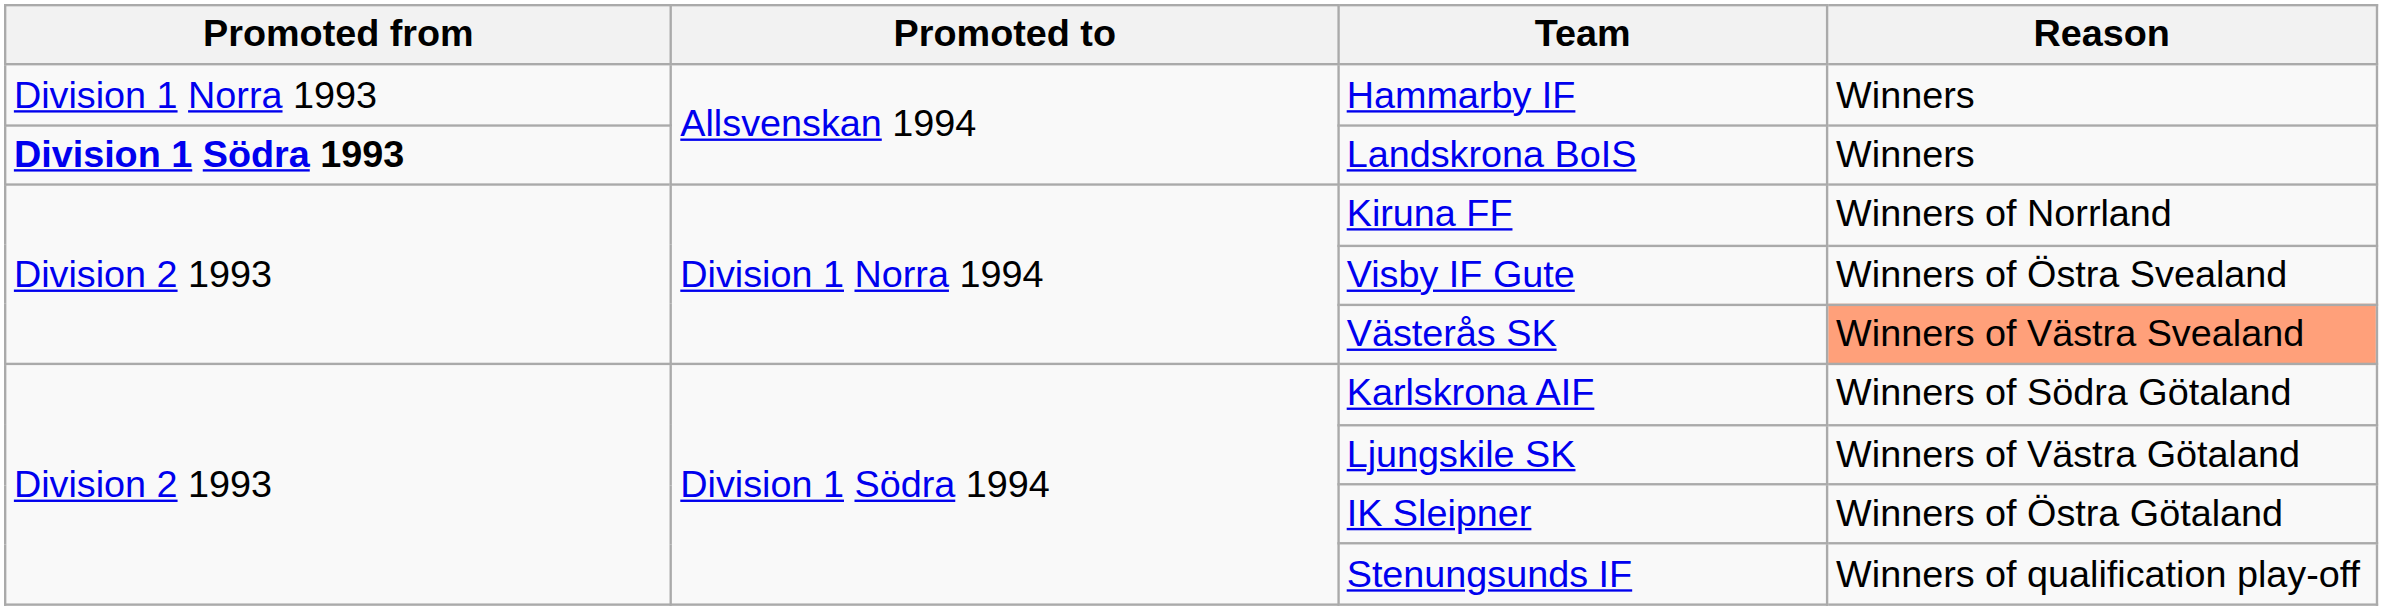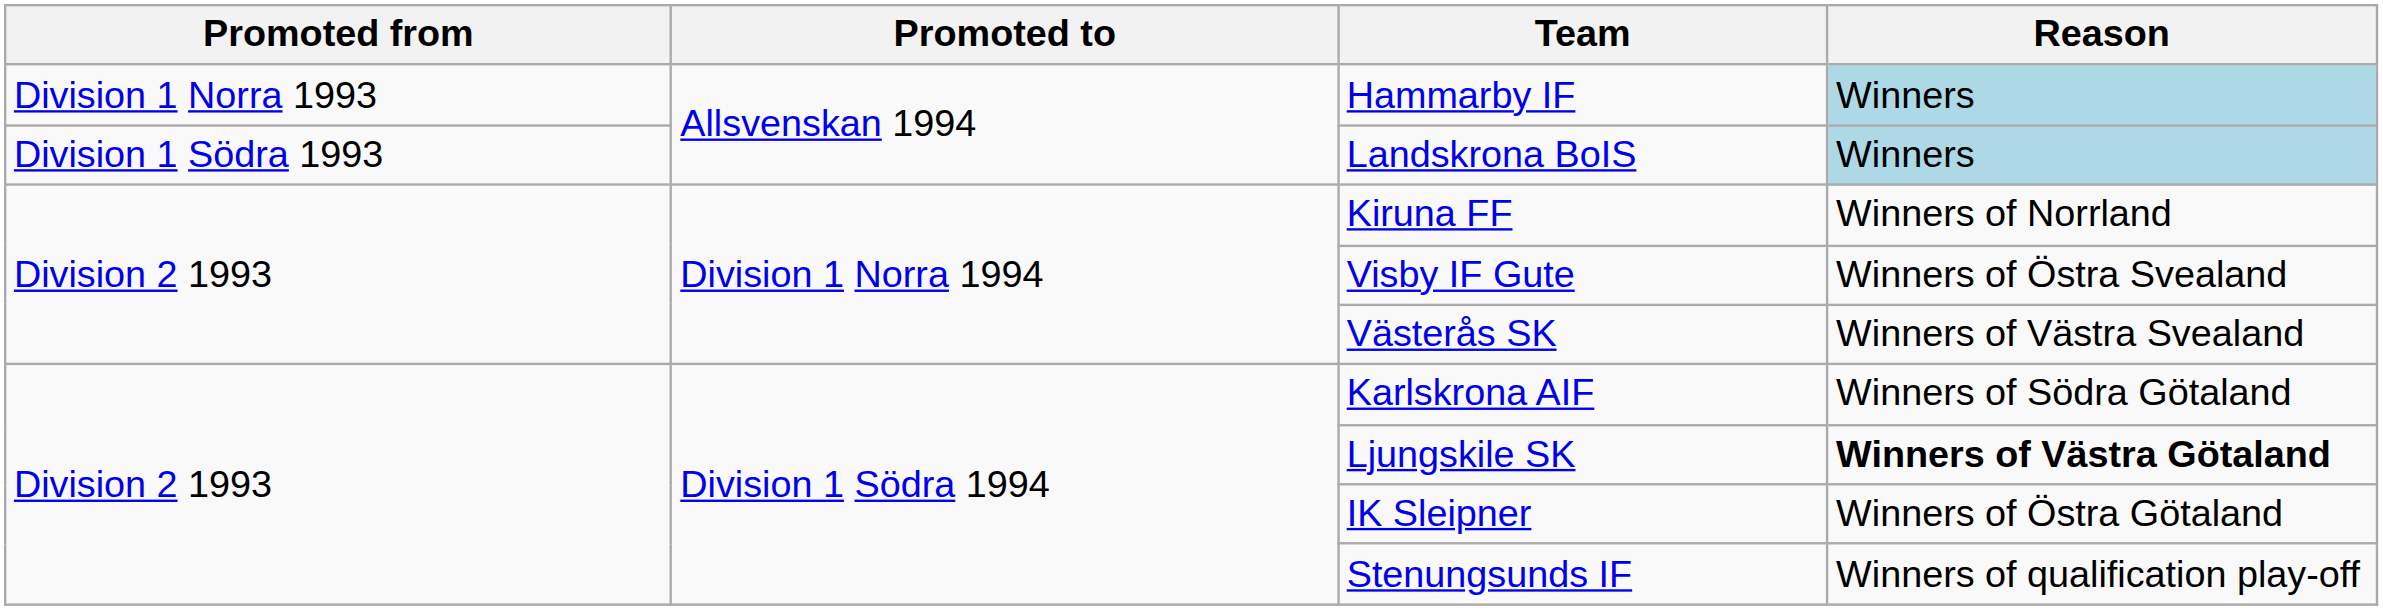 <table class="wikitable" style="text-align: left">
 <tr>
 <th style="width: 275px;">Promoted from</th>
 <th style="width: 275px;">Promoted to</th>
 <th style="width: 200px;">Team</th>
 <th style="width: 225px;">Reason</th>
 </tr>
 <tr>
 <td><a href='#'>Division 1</a> <a href='#'>Norra</a> 1993</td>
 <td rowspan=2><a href='#'>Allsvenskan</a> 1994</td>
 <td><a href='#'>Hammarby IF</a></td>
-<td>Winners</td>
+<td style="background: lightblue;">Winners</td>
 </tr>
 <tr>
-<td><strong><a href='#'>Division 1</a> <a href='#'>Södra</a> 1993</strong></td>
+<td><a href='#'>Division 1</a> <a href='#'>Södra</a> 1993</td>
 <td><a href='#'>Landskrona BoIS</a></td>
-<td>Winners</td>
+<td style="background: lightblue;">Winners</td>
 </tr>
 <tr>
 <td rowspan=3><a href='#'>Division 2</a> 1993</td>
 <td rowspan=3><a href='#'>Division 1</a> <a href='#'>Norra</a> 1994</td>
 <td><a href='#'>Kiruna FF</a></td>
 <td>Winners of Norrland</td>
 </tr>
 <tr>
 <td><a href='#'>Visby IF Gute</a></td>
 <td>Winners of Östra Svealand</td>
 </tr>
 <tr>
 <td><a href='#'>Västerås SK</a></td>
-<td style="background: lightsalmon;">Winners of Västra Svealand</td>
+<td>Winners of Västra Svealand</td>
 </tr>
 <tr>
 <td rowspan=4><a href='#'>Division 2</a> 1993</td>
 <td rowspan=4><a href='#'>Division 1</a> <a href='#'>Södra</a> 1994</td>
 <td><a href='#'>Karlskrona AIF</a></td>
 <td>Winners of Södra Götaland</td>
 </tr>
 <tr>
 <td><a href='#'>Ljungskile SK</a></td>
-<td>Winners of Västra Götaland</td>
+<td><strong>Winners of Västra Götaland</strong></td>
 </tr>
 <tr>
 <td><a href='#'>IK Sleipner</a></td>
 <td>Winners of Östra Götaland</td>
 </tr>
 <tr>
 <td><a href='#'>Stenungsunds IF</a></td>
 <td>Winners of qualification play-off</td>
 </tr>
 </table>
